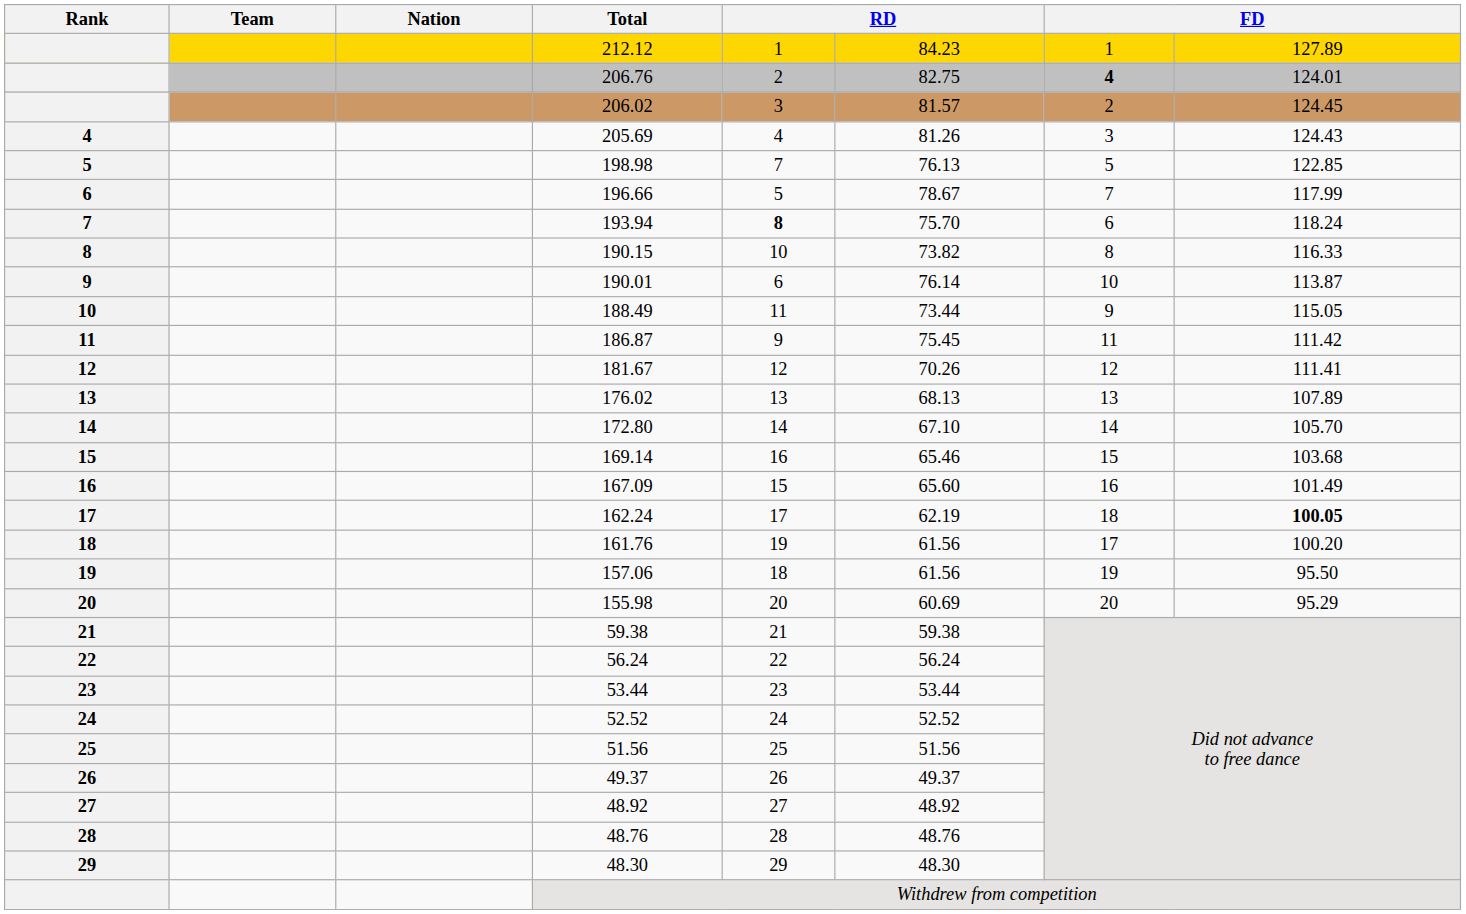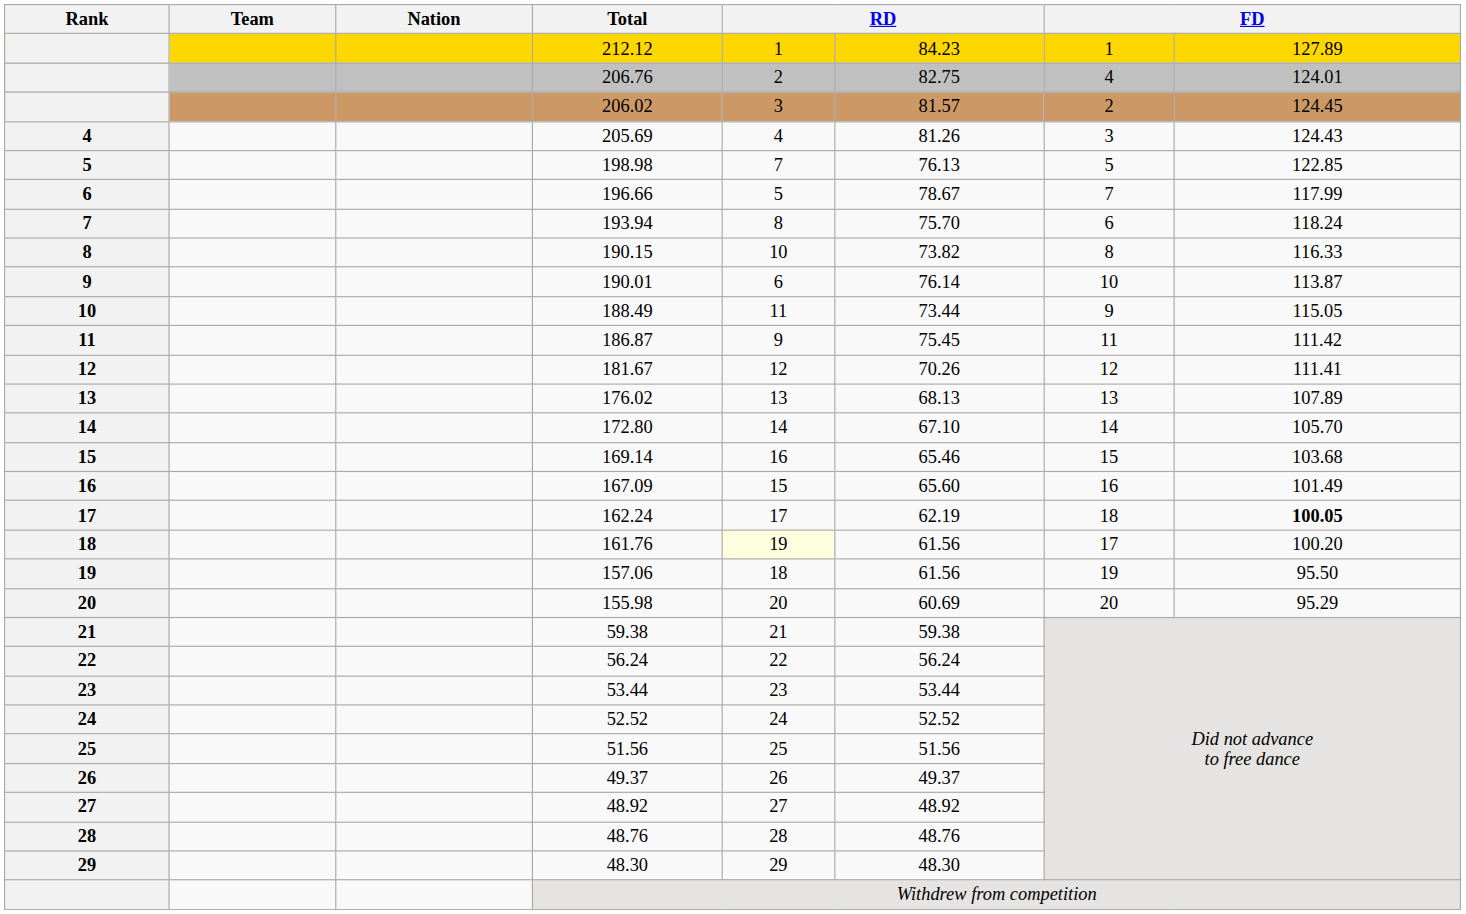 <table class="wikitable sortable" style="text-align:center; width:80%">
 <tr>
 <th scope="col">Rank</th>
 <th scope="col">Team</th>
 <th scope="col">Nation</th>
 <th scope="col">Total</th>
 <th scope="col" colspan="2" width="80px"><a href='#'>RD</a></th>
 <th scope="col" colspan="2" width="80px"><a href='#'>FD</a></th>
 </tr>
 <tr bgcolor="gold">
 <th scope="row"></th>
 <td align="left"></td>
 <td align="left"></td>
 <td>212.12</td>
 <td>1</td>
 <td>84.23</td>
 <td>1</td>
 <td>127.89</td>
 </tr>
 <tr bgcolor="silver">
 <th scope="row"></th>
 <td align="left"></td>
 <td align="left"></td>
 <td>206.76</td>
 <td>2</td>
 <td>82.75</td>
-<td><strong>4</strong></td>
+<td>4</td>
 <td>124.01</td>
 </tr>
 <tr bgcolor="#cc9966">
 <th scope="row"></th>
 <td align="left"></td>
 <td align="left"></td>
 <td>206.02</td>
 <td>3</td>
 <td>81.57</td>
 <td>2</td>
 <td>124.45</td>
 </tr>
 <tr>
 <th scope="row">4</th>
 <td align="left"></td>
 <td align="left"></td>
 <td>205.69</td>
 <td>4</td>
 <td>81.26</td>
 <td>3</td>
 <td>124.43</td>
 </tr>
 <tr>
 <th scope="row">5</th>
 <td align="left"></td>
 <td align="left"></td>
 <td>198.98</td>
 <td>7</td>
 <td>76.13</td>
 <td>5</td>
 <td>122.85</td>
 </tr>
 <tr>
 <th scope="row">6</th>
 <td align="left"></td>
 <td align="left"></td>
 <td>196.66</td>
 <td>5</td>
 <td>78.67</td>
 <td>7</td>
 <td>117.99</td>
 </tr>
 <tr>
 <th scope="row">7</th>
 <td align="left"></td>
 <td align="left"></td>
 <td>193.94</td>
-<td><strong>8</strong></td>
+<td>8</td>
 <td>75.70</td>
 <td>6</td>
 <td>118.24</td>
 </tr>
 <tr>
 <th scope="row">8</th>
 <td align="left"></td>
 <td align="left"></td>
 <td>190.15</td>
 <td>10</td>
 <td>73.82</td>
 <td>8</td>
 <td>116.33</td>
 </tr>
 <tr>
 <th scope="row">9</th>
 <td align="left"></td>
 <td align="left"></td>
 <td>190.01</td>
 <td>6</td>
 <td>76.14</td>
 <td>10</td>
 <td>113.87</td>
 </tr>
 <tr>
 <th scope="row">10</th>
 <td align="left"></td>
 <td align="left"></td>
 <td>188.49</td>
 <td>11</td>
 <td>73.44</td>
 <td>9</td>
 <td>115.05</td>
 </tr>
 <tr>
 <th scope="row">11</th>
 <td align="left"></td>
 <td align="left"></td>
 <td>186.87</td>
 <td>9</td>
 <td>75.45</td>
 <td>11</td>
 <td>111.42</td>
 </tr>
 <tr>
 <th scope="row">12</th>
 <td align="left"></td>
 <td align="left"></td>
 <td>181.67</td>
 <td>12</td>
 <td>70.26</td>
 <td>12</td>
 <td>111.41</td>
 </tr>
 <tr>
 <th scope="row">13</th>
 <td align="left"></td>
 <td align="left"></td>
 <td>176.02</td>
 <td>13</td>
 <td>68.13</td>
 <td>13</td>
 <td>107.89</td>
 </tr>
 <tr>
 <th scope="row">14</th>
 <td align="left"></td>
 <td align="left"></td>
 <td>172.80</td>
 <td>14</td>
 <td>67.10</td>
 <td>14</td>
 <td>105.70</td>
 </tr>
 <tr>
 <th scope="row">15</th>
 <td align="left"></td>
 <td align="left"></td>
 <td>169.14</td>
 <td>16</td>
 <td>65.46</td>
 <td>15</td>
 <td>103.68</td>
 </tr>
 <tr>
 <th scope="row">16</th>
 <td align="left"></td>
 <td align="left"></td>
 <td>167.09</td>
 <td>15</td>
 <td>65.60</td>
 <td>16</td>
 <td>101.49</td>
 </tr>
 <tr>
 <th scope="row">17</th>
 <td align="left"></td>
 <td align="left"></td>
 <td>162.24</td>
 <td>17</td>
 <td>62.19</td>
 <td>18</td>
 <td><strong>100.05</strong></td>
 </tr>
 <tr>
 <th scope="row">18</th>
 <td align="left"></td>
 <td align="left"></td>
 <td>161.76</td>
-<td>19</td>
+<td style="background: lightyellow;">19</td>
 <td>61.56</td>
 <td>17</td>
 <td>100.20</td>
 </tr>
 <tr>
 <th scope="row">19</th>
 <td align="left"></td>
 <td align="left"></td>
 <td>157.06</td>
 <td>18</td>
 <td>61.56</td>
 <td>19</td>
 <td>95.50</td>
 </tr>
 <tr>
 <th scope="row">20</th>
 <td align="left"></td>
 <td align="left"></td>
 <td>155.98</td>
 <td>20</td>
 <td>60.69</td>
 <td>20</td>
 <td>95.29</td>
 </tr>
 <tr>
 <th scope="row">21</th>
 <td align="left"></td>
 <td align="left"></td>
 <td>59.38</td>
 <td>21</td>
 <td>59.38</td>
 <td colspan="2" rowspan="9" bgcolor="e5e4e2"><em>Did not advance<br>to free dance</em></td>
 </tr>
 <tr>
 <th scope="row">22</th>
 <td align="left"></td>
 <td align="left"></td>
 <td>56.24</td>
 <td>22</td>
 <td>56.24</td>
 </tr>
 <tr>
 <th scope="row">23</th>
 <td align="left"></td>
 <td align="left"></td>
 <td>53.44</td>
 <td>23</td>
 <td>53.44</td>
 </tr>
 <tr>
 <th scope="row">24</th>
 <td align="left"></td>
 <td align="left"></td>
 <td>52.52</td>
 <td>24</td>
 <td>52.52</td>
 </tr>
 <tr>
 <th scope="row">25</th>
 <td align="left"></td>
 <td align="left"></td>
 <td>51.56</td>
 <td>25</td>
 <td>51.56</td>
 </tr>
 <tr>
 <th scope="row">26</th>
 <td align="left"></td>
 <td align="left"></td>
 <td>49.37</td>
 <td>26</td>
 <td>49.37</td>
 </tr>
 <tr>
 <th scope="row">27</th>
 <td align="left"></td>
 <td align="left"></td>
 <td>48.92</td>
 <td>27</td>
 <td>48.92</td>
 </tr>
 <tr>
 <th scope="row">28</th>
 <td align="left"></td>
 <td align="left"></td>
 <td>48.76</td>
 <td>28</td>
 <td>48.76</td>
 </tr>
 <tr>
 <th scope="row">29</th>
 <td align="left"></td>
 <td align="left"></td>
 <td>48.30</td>
 <td>29</td>
 <td>48.30</td>
 </tr>
 <tr>
 <th scope="row"></th>
 <td align="left"></td>
 <td align="left"></td>
 <td colspan=5 bgcolor="e5e4e2" align="center"><em>Withdrew from competition</em></td>
 </tr>
 </table>
